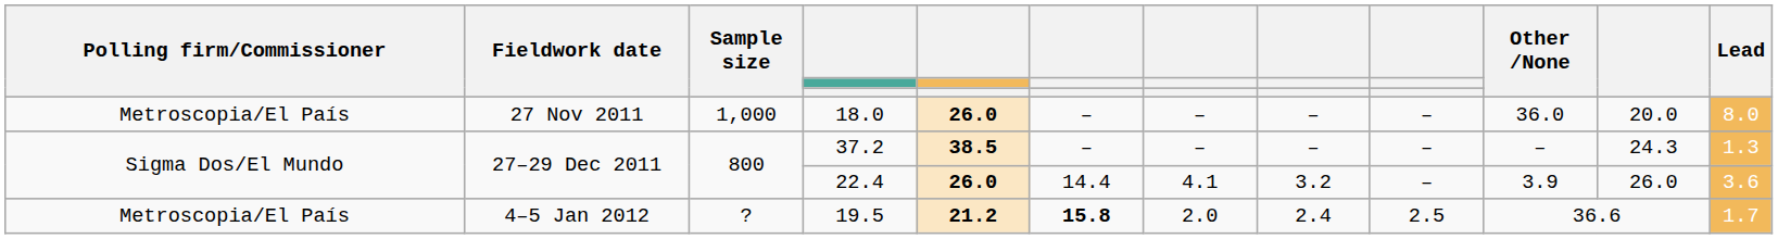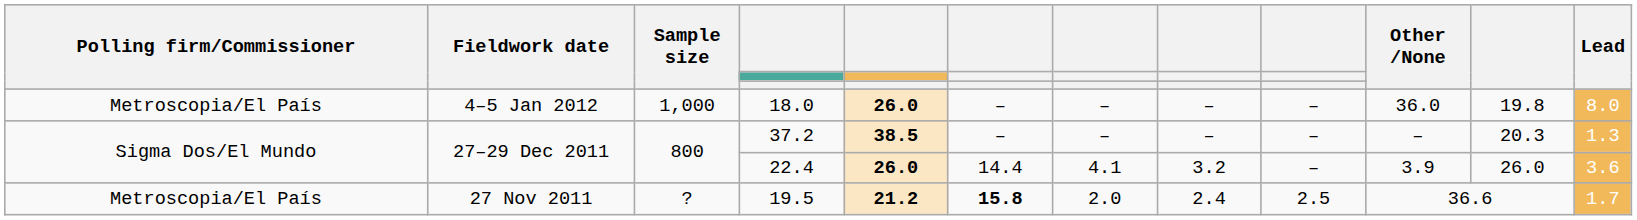 <table class="wikitable collapsible collapsed" style="text-align:center; font-size:90%; line-height:14px;">
 <tr style="height:42px;">
 <th style="width:260px;" rowspan="3">Polling firm/Commissioner</th>
 <th style="width:125px;" rowspan="3">Fieldwork date</th>
 <th style="width:60px;" rowspan="3">Sample size</th>
 <th style="width:60px;"></th>
 <th style="width:60px;"></th>
 <th style="width:60px;"></th>
 <th style="width:60px;"></th>
 <th style="width:60px;"></th>
 <th style="width:60px;"></th>
 <th style="width:60px;" rowspan="3">Other<br>/None</th>
 <th style="width:60px;" rowspan="3"></th>
 <th style="width:30px;" rowspan="3">Lead</th>
 </tr>
 <tr>
 <th style="color:inherit;background:#49A99B;"></th>
 <th style="color:inherit;background:#F2B95B;"></th>
 <th style="color:inherit;background:"></th>
 <th style="color:inherit;background:"></th>
 <th style="color:inherit;background:"></th>
 <th style="color:inherit;background:"></th>
 </tr>
 <tr>
 <th></th>
 <th></th>
 <th></th>
 <th></th>
 <th></th>
 <th></th>
 </tr>
 <tr>
 <td>Metroscopia/El País</td>
-<td>27 Nov 2011</td>
+<td>4–5 Jan 2012</td>
 <td>1,000</td>
 <td>18.0</td>
 <td style="color:inherit;background:#FBE7C4;"><strong>26.0</strong></td>
 <td>–</td>
 <td>–</td>
 <td>–</td>
 <td>–</td>
 <td>36.0</td>
-<td>20.0</td>
+<td>19.8</td>
 <td style="color:inherit;background:#F2B95B; color:white;">8.0</td>
 </tr>
 <tr>
 <td rowspan="2">Sigma Dos/El Mundo</td>
 <td rowspan="2">27–29 Dec 2011</td>
 <td rowspan="2">800</td>
 <td>37.2</td>
 <td style="color:inherit;background:#FBE7C4;"><strong>38.5</strong></td>
 <td>–</td>
 <td>–</td>
 <td>–</td>
 <td>–</td>
 <td>–</td>
-<td>24.3</td>
+<td>20.3</td>
 <td style="color:inherit;background:#F2B95B; color:white;">1.3</td>
 </tr>
 <tr>
 <td>22.4</td>
 <td style="color:inherit;background:#FBE7C4;"><strong>26.0</strong></td>
 <td>14.4</td>
 <td>4.1</td>
 <td>3.2</td>
 <td>–</td>
 <td>3.9</td>
 <td>26.0</td>
 <td style="color:inherit;background:#F2B95B; color:white;">3.6</td>
 </tr>
 <tr>
 <td>Metroscopia/El País</td>
-<td>4–5 Jan 2012</td>
+<td>27 Nov 2011</td>
 <td>?</td>
 <td>19.5</td>
 <td style="color:inherit;background:#FBE7C4;"><strong>21.2</strong></td>
 <td><strong>15.8</strong></td>
 <td>2.0</td>
 <td>2.4</td>
 <td>2.5</td>
 <td colspan="2">36.6</td>
 <td style="color:inherit;background:#F2B95B; color:white;">1.7</td>
 </tr>
 </table>
